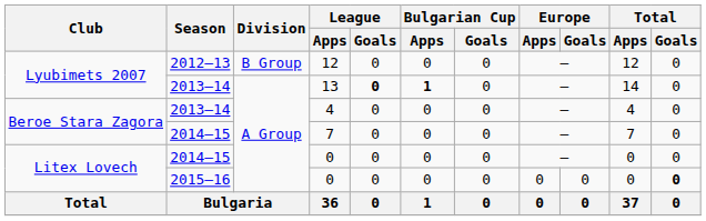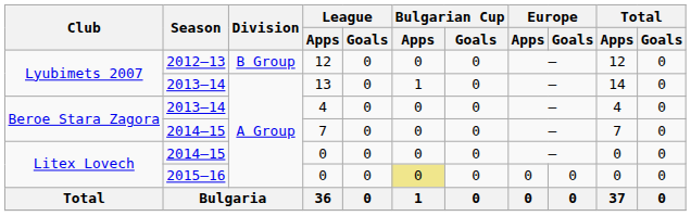 <table class="wikitable" style="text-align:center;">
 <tr>
 <th rowspan="2">Club</th>
 <th rowspan="2">Season</th>
 <th rowspan="2">Division</th>
 <th colspan="2">League</th>
 <th colspan="2">Bulgarian Cup</th>
 <th colspan="2">Europe</th>
 <th colspan="2">Total</th>
 </tr>
 <tr>
 <th>Apps</th>
 <th>Goals</th>
 <th>Apps</th>
 <th>Goals</th>
 <th>Apps</th>
 <th>Goals</th>
 <th>Apps</th>
 <th>Goals</th>
 </tr>
 <tr>
 <td rowspan="2" valign="center"><a href='#'>Lyubimets 2007</a></td>
 <td><a href='#'>2012–13</a></td>
 <td><a href='#'>B Group</a></td>
 <td>12</td>
 <td>0</td>
 <td>0</td>
 <td>0</td>
 <td colspan="2">–</td>
 <td>12</td>
 <td>0</td>
 </tr>
 <tr>
 <td><a href='#'>2013–14</a></td>
 <td rowspan="5"><a href='#'>A Group</a></td>
 <td>13</td>
-<td><strong>0</strong></td>
-<td><strong>1</strong></td>
+<td>0</td>
+<td>1</td>
 <td>0</td>
 <td colspan="2">–</td>
 <td>14</td>
 <td>0</td>
 </tr>
 <tr>
 <td rowspan="2" valign="center"><a href='#'>Beroe Stara Zagora</a></td>
 <td><a href='#'>2013–14</a></td>
 <td>4</td>
 <td>0</td>
 <td>0</td>
 <td>0</td>
 <td colspan="2">–</td>
 <td>4</td>
 <td>0</td>
 </tr>
 <tr>
 <td><a href='#'>2014–15</a></td>
 <td>7</td>
 <td>0</td>
 <td>0</td>
 <td>0</td>
 <td colspan="2">–</td>
 <td>7</td>
 <td>0</td>
 </tr>
 <tr>
 <td rowspan="2" valign="center"><a href='#'>Litex Lovech</a></td>
 <td><a href='#'>2014–15</a></td>
 <td>0</td>
 <td>0</td>
 <td>0</td>
 <td>0</td>
 <td colspan="2">–</td>
 <td>0</td>
 <td>0</td>
 </tr>
 <tr>
 <td><a href='#'>2015–16</a></td>
 <td>0</td>
 <td>0</td>
+<td style="background: khaki;">0</td>
 <td>0</td>
 <td>0</td>
 <td>0</td>
 <td>0</td>
 <td>0</td>
-<td><strong>0</strong></td>
 </tr>
 <tr>
 <th rowspan=1>Total</th>
 <th colspan=2>Bulgaria</th>
 <th>36</th>
 <th>0</th>
 <th>1</th>
 <th>0</th>
 <th>0</th>
 <th>0</th>
 <th>37</th>
 <th>0</th>
 </tr>
 <tr>
 </tr>
 </table>
